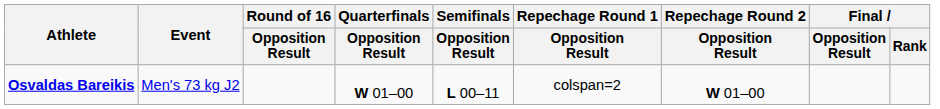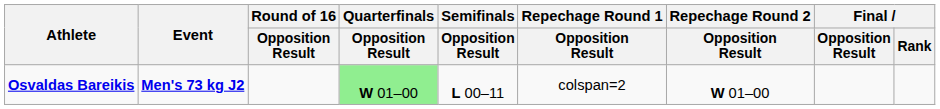 <table class="wikitable" style="font-size:90%">
 <tr>
 <th rowspan="2">Athlete</th>
 <th rowspan="2">Event</th>
 <th>Round of 16</th>
 <th>Quarterfinals</th>
 <th>Semifinals</th>
 <th>Repechage Round 1</th>
 <th>Repechage Round 2</th>
 <th colspan=2>Final / </th>
 </tr>
 <tr style="font-size:95%">
 <th>Opposition<br>Result</th>
 <th>Opposition<br>Result</th>
 <th>Opposition<br>Result</th>
 <th>Opposition<br>Result</th>
 <th>Opposition<br>Result</th>
 <th>Opposition<br>Result</th>
 <th>Rank</th>
 </tr>
 <tr align=center>
 <td align=left><strong><a href='#'>Osvaldas Bareikis</a></strong></td>
-<td align=left><a href='#'>Men's 73 kg J2</a></td>
+<td align=left><strong><a href='#'>Men's 73 kg J2</a></strong></td>
 <td></td>
-<td><br><strong>W</strong> 01–00</td>
+<td style="background: lightgreen;"><br><strong>W</strong> 01–00</td>
 <td><br><strong>L</strong> 00–11</td>
 <td>colspan=2 </td>
 <td><br><strong>W</strong> 01–00</td>
 <td></td>
 </tr>
 </table>
